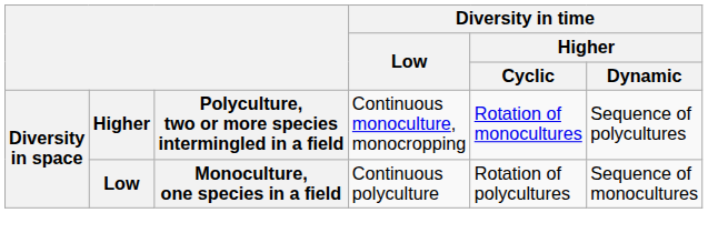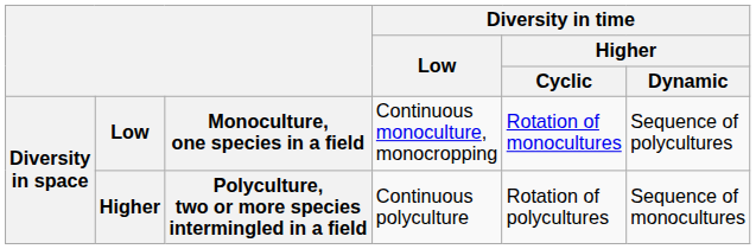 <table style="margin-left: auto; margin-right: auto; border: none;" class="wikitable">
 <tr>
 <th rowspan="3" colspan="3"></th>
 <th colspan="3">Diversity in time</th>
 </tr>
 <tr>
 <th rowspan="2">Low</th>
 <th colspan="2">Higher</th>
 </tr>
 <tr>
 <th>Cyclic</th>
 <th>Dynamic</th>
 </tr>
 <tr>
 <th rowspan="2">Diversity<br>in space</th>
-<th>Higher</th>
-<th>Polyculture,<br>two or more species<br>intermingled in a field</th>
+<th>Low</th>
+<th>Monoculture,<br>one species in a field</th>
 <td>Continuous<br><a href='#'>monoculture</a>,<br>monocropping</td>
 <td><a href='#'>Rotation of<br>monocultures</a></td>
 <td>Sequence of<br>polycultures</td>
 </tr>
 <tr>
-<th>Low</th>
-<th>Monoculture,<br>one species in a field</th>
+<th>Higher</th>
+<th>Polyculture,<br>two or more species<br>intermingled in a field</th>
 <td>Continuous<br>polyculture</td>
 <td>Rotation of<br>polycultures</td>
 <td>Sequence of<br>monocultures</td>
 </tr>
 </table>
